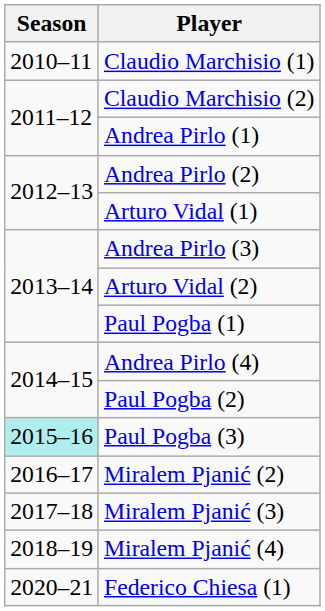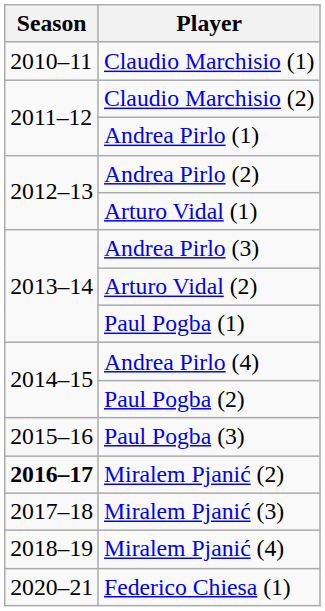 <table class="wikitable">
 <tr>
 <th>Season</th>
 <th>Player</th>
 </tr>
 <tr>
 <td>2010–11</td>
 <td> <a href='#'>Claudio Marchisio</a> (1)</td>
 </tr>
 <tr>
 <td rowspan=2>2011–12</td>
 <td> <a href='#'>Claudio Marchisio</a> (2)</td>
 </tr>
 <tr>
 <td> <a href='#'>Andrea Pirlo</a> (1)</td>
 </tr>
 <tr>
 <td rowspan=2>2012–13</td>
 <td> <a href='#'>Andrea Pirlo</a> (2)</td>
 </tr>
 <tr>
 <td> <a href='#'>Arturo Vidal</a> (1)</td>
 </tr>
 <tr>
 <td rowspan=3>2013–14</td>
 <td> <a href='#'>Andrea Pirlo</a> (3)</td>
 </tr>
 <tr>
 <td> <a href='#'>Arturo Vidal</a> (2)</td>
 </tr>
 <tr>
 <td> <a href='#'>Paul Pogba</a> (1)</td>
 </tr>
 <tr>
 <td rowspan=2>2014–15</td>
 <td> <a href='#'>Andrea Pirlo</a> (4)</td>
 </tr>
 <tr>
 <td> <a href='#'>Paul Pogba</a> (2)</td>
 </tr>
 <tr>
-<td style="background: paleturquoise;">2015–16</td>
+<td>2015–16</td>
 <td> <a href='#'>Paul Pogba</a> (3)</td>
 </tr>
 <tr>
-<td>2016–17</td>
+<td><strong>2016–17</strong></td>
 <td> <a href='#'>Miralem Pjanić</a> (2)</td>
 </tr>
 <tr>
 <td>2017–18</td>
 <td> <a href='#'>Miralem Pjanić</a> (3)</td>
 </tr>
 <tr>
 <td>2018–19</td>
 <td> <a href='#'>Miralem Pjanić</a> (4)</td>
 </tr>
 <tr>
 <td>2020–21</td>
 <td> <a href='#'>Federico Chiesa</a> (1)</td>
 </tr>
 </table>
